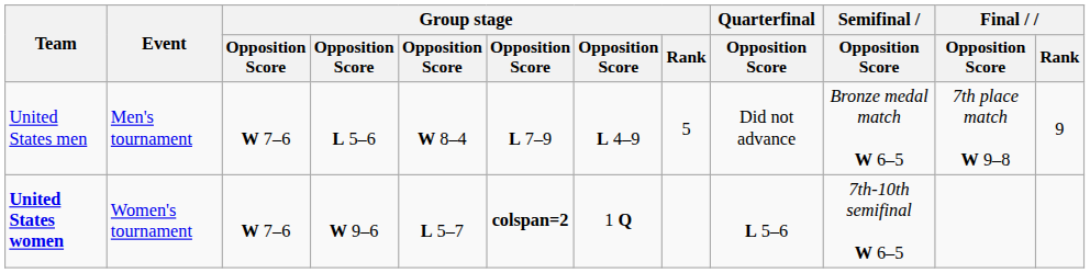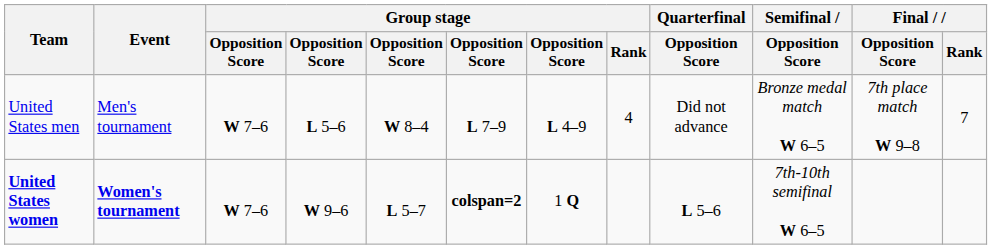 <table class=wikitable style=font-size:90%;text-align:center>
 <tr>
 <th rowspan=2>Team</th>
 <th rowspan=2>Event</th>
 <th colspan=6>Group stage</th>
 <th>Quarterfinal</th>
 <th>Semifinal / </th>
 <th colspan=2>Final /  / </th>
 </tr>
 <tr style=font-size:95%>
 <th>Opposition<br>Score</th>
 <th>Opposition<br>Score</th>
 <th>Opposition<br>Score</th>
 <th>Opposition<br>Score</th>
 <th>Opposition<br>Score</th>
 <th>Rank</th>
 <th>Opposition<br>Score</th>
 <th>Opposition<br>Score</th>
 <th>Opposition<br>Score</th>
 <th>Rank</th>
 </tr>
 <tr>
 <td align=left><a href='#'>United States men</a></td>
 <td align=left><a href='#'>Men's tournament</a></td>
 <td><br><strong>W</strong> 7–6</td>
 <td><br><strong>L</strong> 5–6</td>
 <td><br><strong>W</strong> 8–4</td>
 <td><br><strong>L</strong> 7–9</td>
 <td><br><strong>L</strong> 4–9</td>
-<td>5</td>
+<td>4</td>
 <td>Did not advance</td>
 <td><em>Bronze medal match</em><br><br><strong>W</strong> 6–5</td>
 <td><em>7th place match</em><br><br><strong>W</strong> 9–8</td>
-<td>9</td>
+<td>7</td>
 </tr>
 <tr>
 <td align=left><strong><a href='#'>United States women</a></strong></td>
-<td align=left><a href='#'>Women's tournament</a></td>
+<td align=left><strong><a href='#'>Women's tournament</a></strong></td>
 <td><br><strong>W</strong> 7–6</td>
 <td><br><strong>W</strong> 9–6</td>
 <td><br><strong>L</strong> 5–7</td>
 <td><strong>colspan=2 </strong></td>
 <td>1 <strong>Q</strong></td>
 <td></td>
 <td><br><strong>L</strong> 5–6</td>
 <td><em>7th-10th semifinal</em><br><br><strong>W</strong> 6–5</td>
 <td></td>
 </tr>
 </table>
